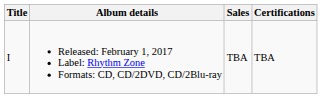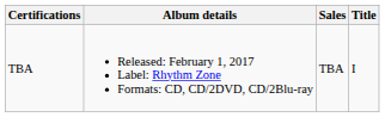 <table class="wikitable">
 <tr>
-<th>Title</th>
+<th>Certifications</th>
 <th>Album details</th>
 <th>Sales</th>
-<th>Certifications</th>
+<th>Title</th>
 </tr>
 <tr>
-<td>I</td>
+<td>TBA</td>
 <td><br><ul><li>Released: February 1, 2017</li><li>Label: <a href='#'>Rhythm Zone</a></li><li>Formats: CD, CD/2DVD, CD/2Blu-ray</li></ul></td>
 <td>TBA</td>
-<td>TBA</td>
+<td>I</td>
 </tr>
 </table>
